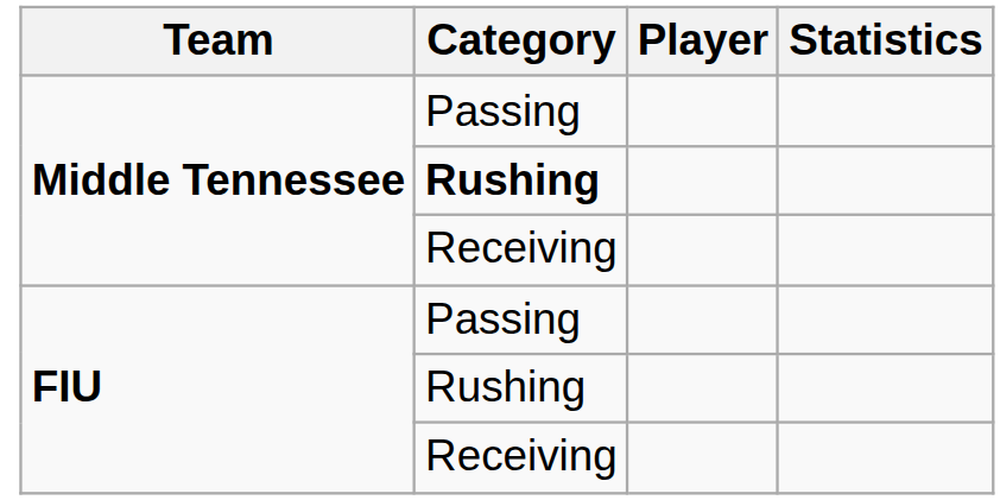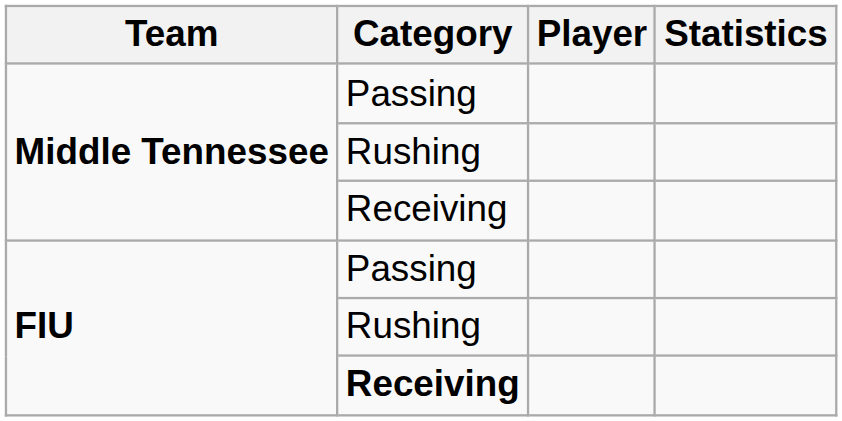 <table class="wikitable" style="float: right;">
 <tr>
 <th>Team</th>
 <th>Category</th>
 <th>Player</th>
 <th>Statistics</th>
 </tr>
 <tr>
 <td rowspan=3><strong>Middle Tennessee</strong></td>
 <td>Passing</td>
 <td></td>
 <td></td>
 </tr>
 <tr>
-<td><strong>Rushing</strong></td>
+<td>Rushing</td>
 <td></td>
 <td></td>
 </tr>
 <tr>
 <td>Receiving</td>
 <td></td>
 <td></td>
 </tr>
 <tr>
 <td rowspan=3><strong>FIU</strong></td>
 <td>Passing</td>
 <td></td>
 <td></td>
 </tr>
 <tr>
 <td>Rushing</td>
 <td></td>
 <td></td>
 </tr>
 <tr>
-<td>Receiving</td>
+<td><strong>Receiving</strong></td>
 <td></td>
 <td></td>
 </tr>
 </table>
